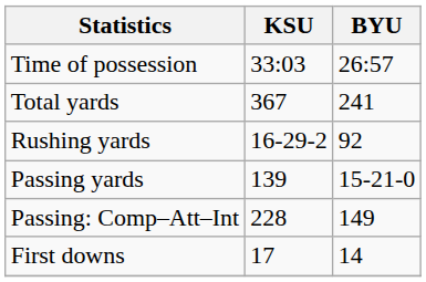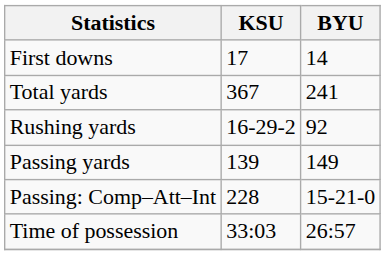 <table class="wikitable" style="float: left;">
 <tr>
 <th>Statistics</th>
 <th>KSU</th>
 <th>BYU</th>
 </tr>
 <tr>
-<td>Time of possession</td>
-<td>33:03</td>
-<td>26:57</td>
+<td>First downs</td>
+<td>17</td>
+<td>14</td>
 </tr>
 <tr>
 <td>Total yards</td>
 <td>367</td>
 <td>241</td>
 </tr>
 <tr>
 <td>Rushing yards</td>
 <td>16-29-2</td>
 <td>92</td>
 </tr>
 <tr>
 <td>Passing yards</td>
 <td>139</td>
-<td>15-21-0</td>
+<td>149</td>
 </tr>
 <tr>
 <td>Passing: Comp–Att–Int</td>
 <td>228</td>
-<td>149</td>
+<td>15-21-0</td>
 </tr>
 <tr>
-<td>First downs</td>
-<td>17</td>
-<td>14</td>
+<td>Time of possession</td>
+<td>33:03</td>
+<td>26:57</td>
 </tr>
 <tr>
 </tr>
 </table>
